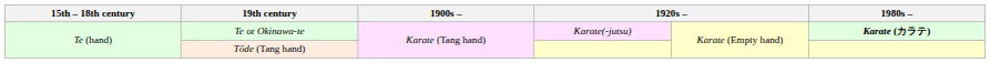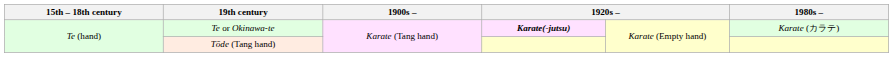 <table class="wikitable" style="font-size: small; width: 100%;">
 <tr>
 <th style="width: 18%;">15th – 18th century</th>
 <th style="width: 18%;">19th century</th>
 <th style="width: 18%;">1900s –</th>
 <th colspan="2" style="width: 28%;">1920s –</th>
 <th style="width: 18%;">1980s –</th>
 </tr>
 <tr>
 <td rowspan="2" style="width: 18%; text-align: center; background: #E1FFE1;"><em>Te</em> (hand)</td>
 <td style="width: 18%; text-align: center; background: #E1FFE1;"><em>Te</em> or <em>Okinawa-te</em></td>
 <td rowspan="2" style="width: 18%; text-align: center; background: #FFE1FF;"><em>Karate</em> (Tang hand)</td>
-<td style="width: 14%; text-align: center; background: #FFE1FF;"><em>Karate(-jutsu)</em></td>
+<td style="width: 14%; text-align: center; background: #FFE1FF;"><strong><em>Karate(-jutsu)</em></strong></td>
 <td rowspan="2" style="width: 14%; text-align: center; background: #FFFFCC;"><em>Karate</em> (Empty hand)</td>
-<td style="width: 18%; text-align: center; background: #E1FFE1;"><strong><em>Karate</em> (カラテ)</strong></td>
+<td style="width: 18%; text-align: center; background: #E1FFE1;"><em>Karate</em> (カラテ)</td>
 </tr>
 <tr>
 <td style="width: 18%; text-align: center; background: #FFECE1;"><em>Tōde</em> (Tang hand)</td>
 <td style="width: 14%; text-align: center; background: #FFFFCC;"></td>
 <td style="width: 18%; text-align: center; background: #FFFFCC;"></td>
 </tr>
 </table>
